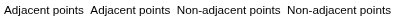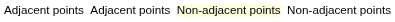 <table border="0" cellspacing="0" cellpadding="0">
 <tr valign="top">
 <td><br></td>
 <td>  </td>
 <td><br></td>
 <td>  </td>
 <td><br></td>
 <td>  </td>
 <td><br></td>
 </tr>
 <tr valign="top">
 <td>Adjacent points</td>
 <td>  </td>
 <td>Adjacent points</td>
 <td>  </td>
-<td>Non-adjacent points</td>
+<td style="background: lightyellow;">Non-adjacent points</td>
 <td>  </td>
 <td>Non-adjacent points</td>
 </tr>
 </table>
